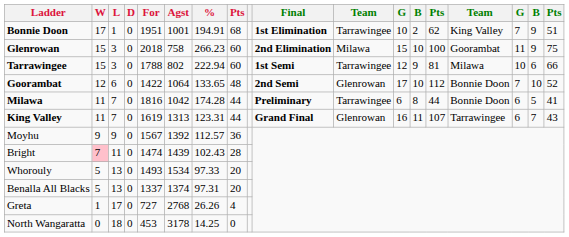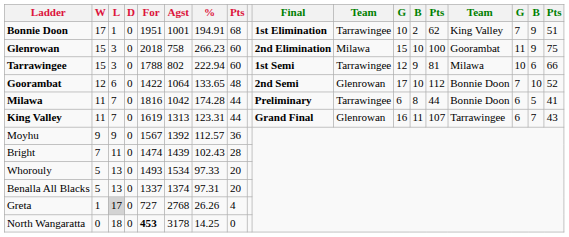 <table class="wikitable">
 <tr>
 <th style="color:crimson">Ladder</th>
 <th style="color:crimson">W</th>
 <th style="color:crimson">L</th>
 <th style="color:crimson">D</th>
 <th style="color:crimson">For</th>
 <th style="color:crimson">Agst</th>
 <th style="color:crimson">%</th>
 <th style="color:crimson">Pts</th>
 <th></th>
 <th style="color:green">Final</th>
 <th style="color:green">Team</th>
 <th style="color:green">G</th>
 <th style="color:green">B</th>
 <th style="color:green">Pts</th>
 <th style="color:green">Team</th>
 <th style="color:green">G</th>
 <th style="color:green">B</th>
 <th style="color:green">Pts</th>
 </tr>
 <tr>
 <td><strong>Bonnie Doon</strong></td>
 <td>17</td>
 <td>1</td>
 <td>0</td>
 <td>1951</td>
 <td>1001</td>
 <td>194.91</td>
 <td>68</td>
 <td></td>
 <td><strong>1st Elimination</strong></td>
 <td>Tarrawingee</td>
 <td>10</td>
 <td>2</td>
 <td>62</td>
 <td>King Valley</td>
 <td>7</td>
 <td>9</td>
 <td>51</td>
 </tr>
 <tr>
 <td><strong>Glenrowan</strong></td>
 <td>15</td>
 <td>3</td>
 <td>0</td>
 <td>2018</td>
 <td>758</td>
 <td>266.23</td>
 <td>60</td>
 <td></td>
 <td><strong>2nd Elimination</strong></td>
 <td>Milawa</td>
 <td>15</td>
 <td>10</td>
 <td>100</td>
 <td>Goorambat</td>
 <td>11</td>
 <td>9</td>
 <td>75</td>
 </tr>
 <tr>
 <td><strong>Tarrawingee</strong></td>
 <td>15</td>
 <td>3</td>
 <td>0</td>
 <td>1788</td>
 <td>802</td>
 <td>222.94</td>
 <td>60</td>
 <td></td>
 <td><strong>1st Semi</strong></td>
 <td>Tarrawingee</td>
 <td>12</td>
 <td>9</td>
 <td>81</td>
 <td>Milawa</td>
 <td>10</td>
 <td>6</td>
 <td>66</td>
 </tr>
 <tr>
 <td><strong>Goorambat</strong></td>
 <td>12</td>
 <td>6</td>
 <td>0</td>
 <td>1422</td>
 <td>1064</td>
 <td>133.65</td>
 <td>48</td>
 <td></td>
 <td><strong>2nd Semi</strong></td>
 <td>Glenrowan</td>
 <td>17</td>
 <td>10</td>
 <td>112</td>
 <td>Bonnie Doon</td>
 <td>7</td>
 <td>10</td>
 <td>52</td>
 </tr>
 <tr>
 <td><strong>Milawa</strong></td>
 <td>11</td>
 <td>7</td>
 <td>0</td>
 <td>1816</td>
 <td>1042</td>
 <td>174.28</td>
 <td>44</td>
 <td></td>
 <td><strong>Preliminary</strong></td>
 <td>Tarrawingee</td>
 <td>6</td>
 <td>8</td>
 <td>44</td>
 <td>Bonnie Doon</td>
 <td>6</td>
 <td>5</td>
 <td>41</td>
 </tr>
 <tr>
 <td><strong>King Valley</strong></td>
 <td>11</td>
 <td>7</td>
 <td>0</td>
 <td>1619</td>
 <td>1313</td>
 <td>123.31</td>
 <td>44</td>
 <td></td>
 <td><strong>Grand Final</strong></td>
 <td>Glenrowan</td>
 <td>16</td>
 <td>11</td>
 <td>107</td>
 <td>Tarrawingee</td>
 <td>6</td>
 <td>7</td>
 <td>43</td>
 </tr>
 <tr>
 <td>Moyhu</td>
 <td>9</td>
 <td>9</td>
 <td>0</td>
 <td>1567</td>
 <td>1392</td>
 <td>112.57</td>
 <td>36</td>
 <td></td>
 </tr>
 <tr>
 <td>Bright</td>
-<td style="background: pink;">7</td>
+<td>7</td>
 <td>11</td>
 <td>0</td>
 <td>1474</td>
 <td>1439</td>
 <td>102.43</td>
 <td>28</td>
 <td></td>
 </tr>
 <tr>
 <td>Whorouly</td>
 <td>5</td>
 <td>13</td>
 <td>0</td>
 <td>1493</td>
 <td>1534</td>
 <td>97.33</td>
 <td>20</td>
 <td></td>
 </tr>
 <tr>
 <td>Benalla All Blacks</td>
 <td>5</td>
 <td>13</td>
 <td>0</td>
 <td>1337</td>
 <td>1374</td>
 <td>97.31</td>
 <td>20</td>
 <td></td>
 </tr>
 <tr>
 <td>Greta</td>
 <td>1</td>
-<td>17</td>
+<td style="background: lightgrey;">17</td>
 <td>0</td>
 <td>727</td>
 <td>2768</td>
 <td>26.26</td>
 <td>4</td>
 <td></td>
 </tr>
 <tr>
 <td>North Wangaratta</td>
 <td>0</td>
 <td>18</td>
 <td>0</td>
-<td>453</td>
+<td><strong>453</strong></td>
 <td>3178</td>
 <td>14.25</td>
 <td>0</td>
 <td></td>
 </tr>
 </table>
